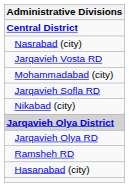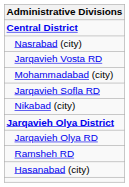 <table class="wikitable">
 <tr>
 <th>Administrative Divisions</th>
 </tr>
 <tr>
 <td><strong><a href='#'>Central District</a></strong></td>
 </tr>
 <tr>
 <td style="padding-left: 1em;"><a href='#'>Nasrabad</a> (city)</td>
 </tr>
 <tr>
 <td style="padding-left: 1em;"><a href='#'>Jarqavieh Vosta RD</a></td>
 </tr>
 <tr>
 <td style="padding-left: 1em;"><a href='#'>Mohammadabad</a> (city)</td>
 </tr>
 <tr>
 <td style="padding-left: 1em;"><a href='#'>Jarqavieh Sofla RD</a></td>
 </tr>
 <tr>
 <td style="padding-left: 1em;"><a href='#'>Nikabad</a> (city)</td>
 </tr>
 <tr>
-<td style="background: lightgrey;"><strong><a href='#'>Jarqavieh Olya District</a></strong></td>
+<td><strong><a href='#'>Jarqavieh Olya District</a></strong></td>
 </tr>
 <tr>
 <td style="padding-left: 1em;"><a href='#'>Jarqavieh Olya RD</a></td>
 </tr>
 <tr>
 <td style="padding-left: 1em;"><a href='#'>Ramsheh RD</a></td>
 </tr>
 <tr>
 <td style="padding-left: 1em;"><a href='#'>Hasanabad</a> (city)</td>
 </tr>
 <tr>
 <td colspan=1></td>
 </tr>
 </table>
